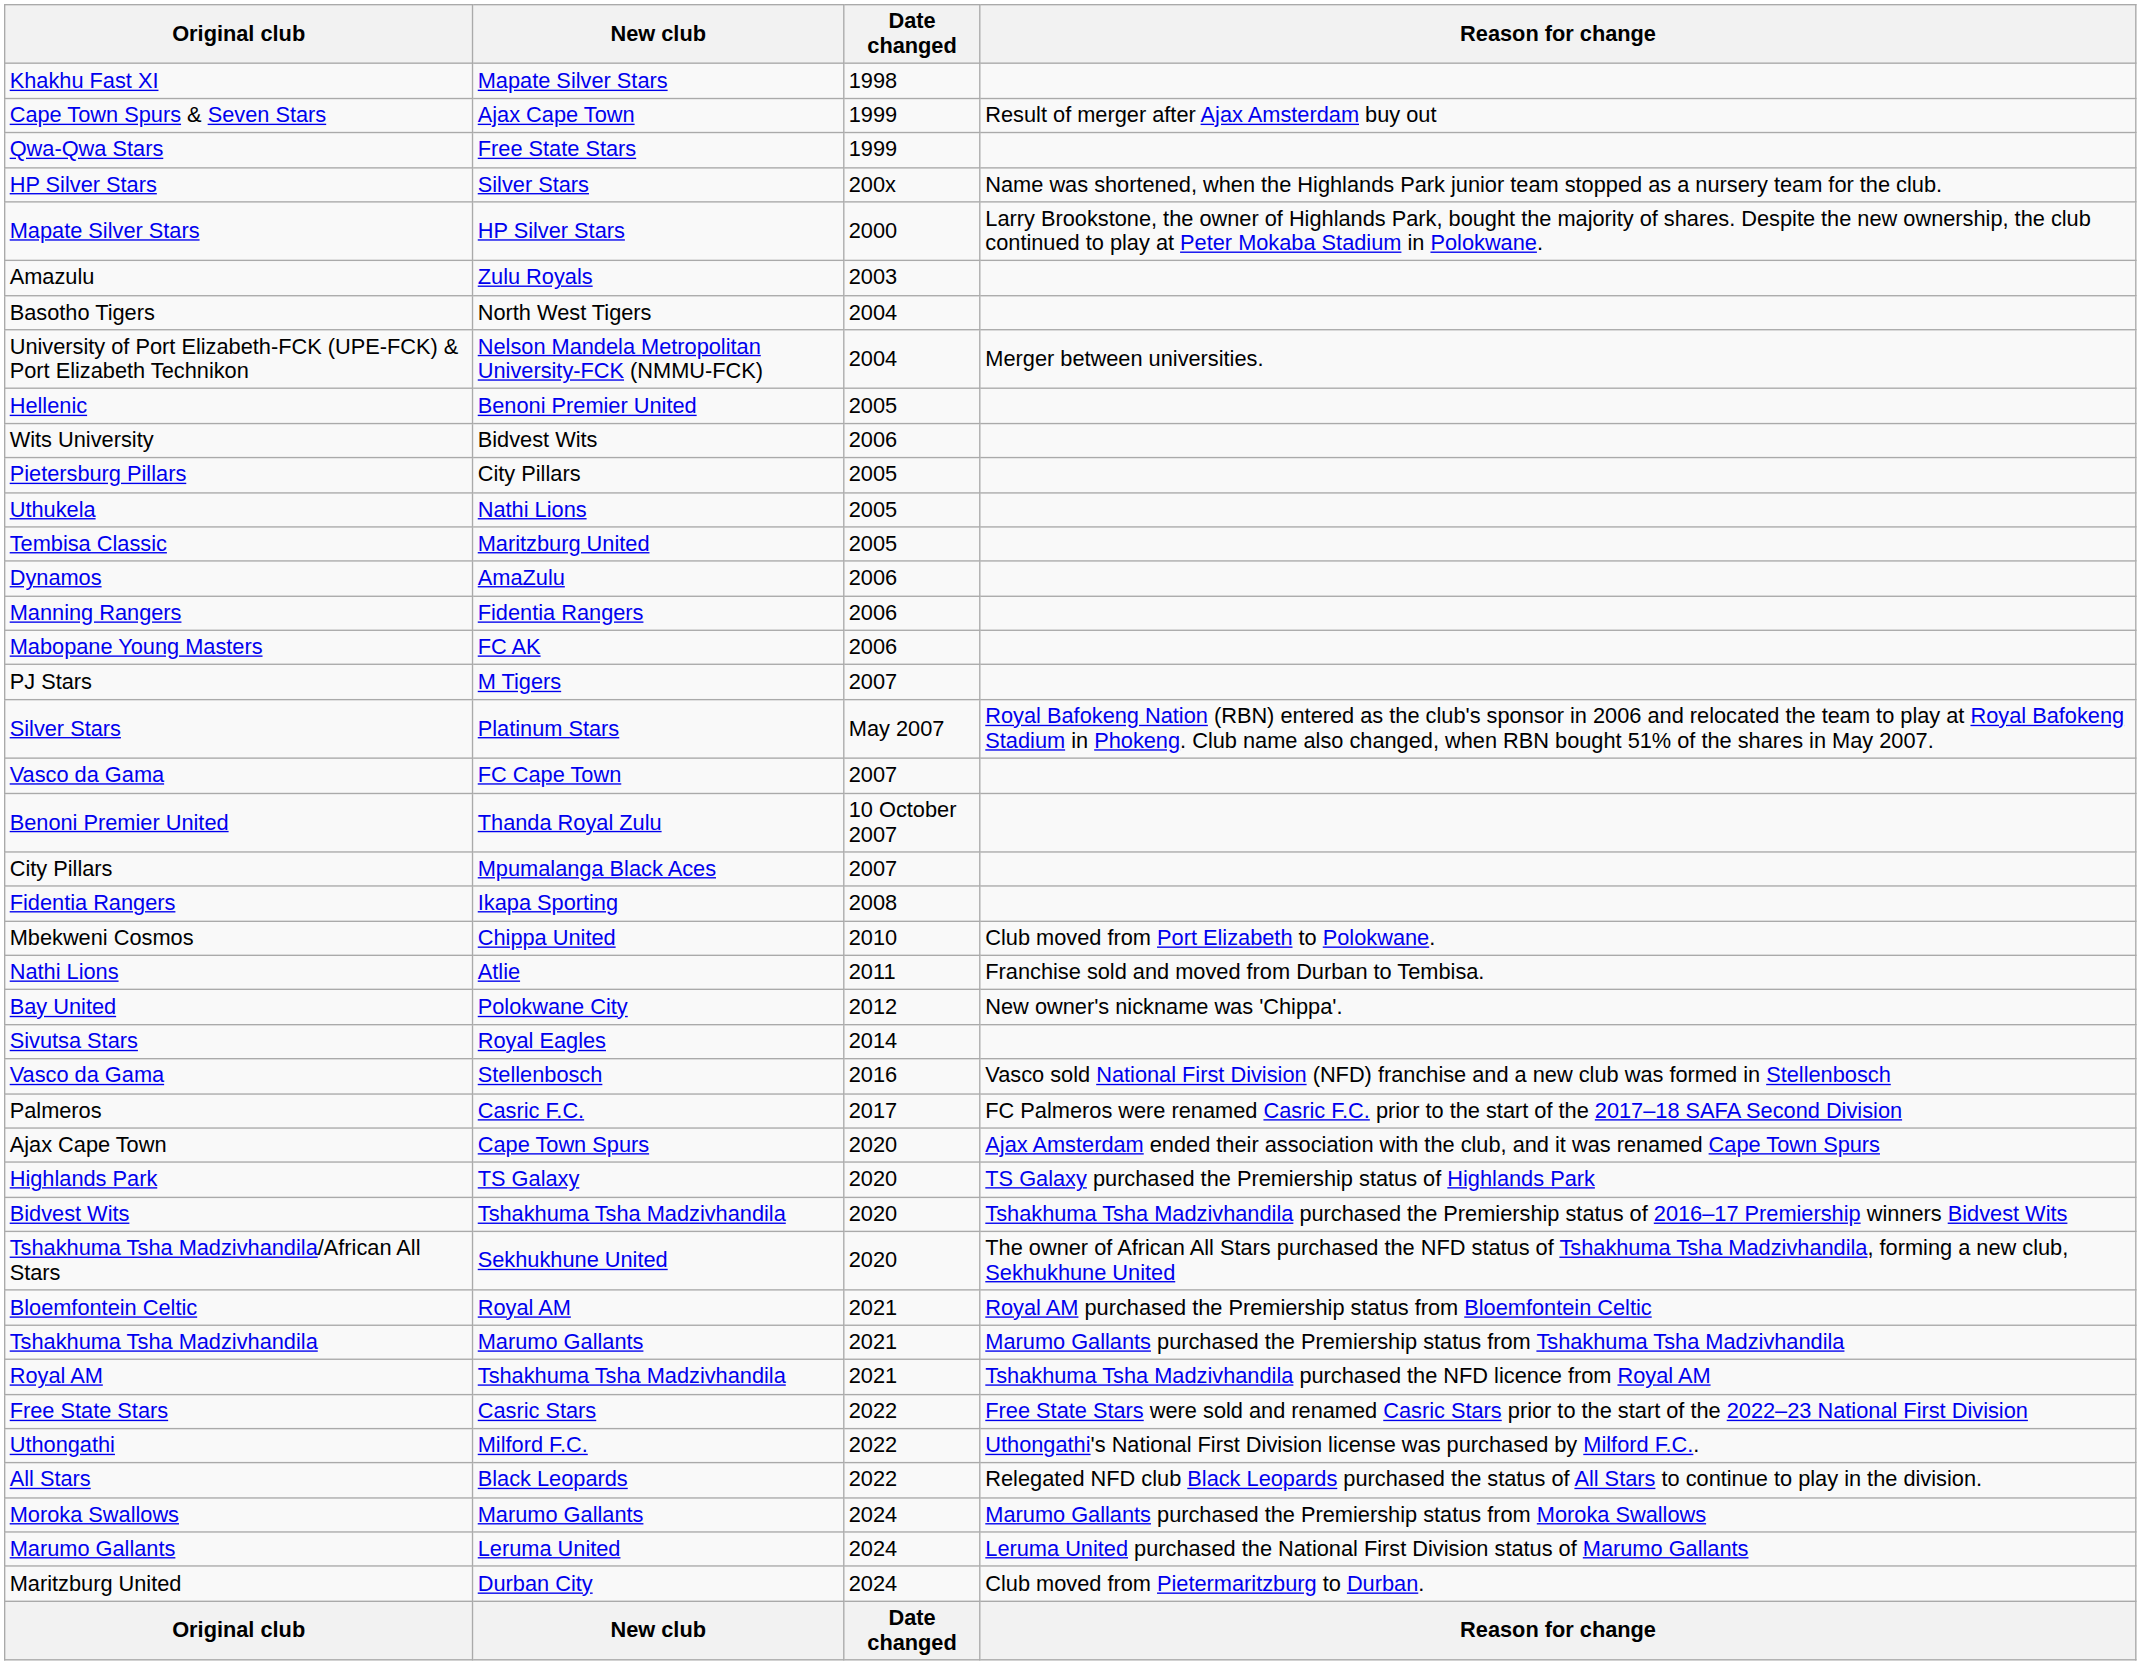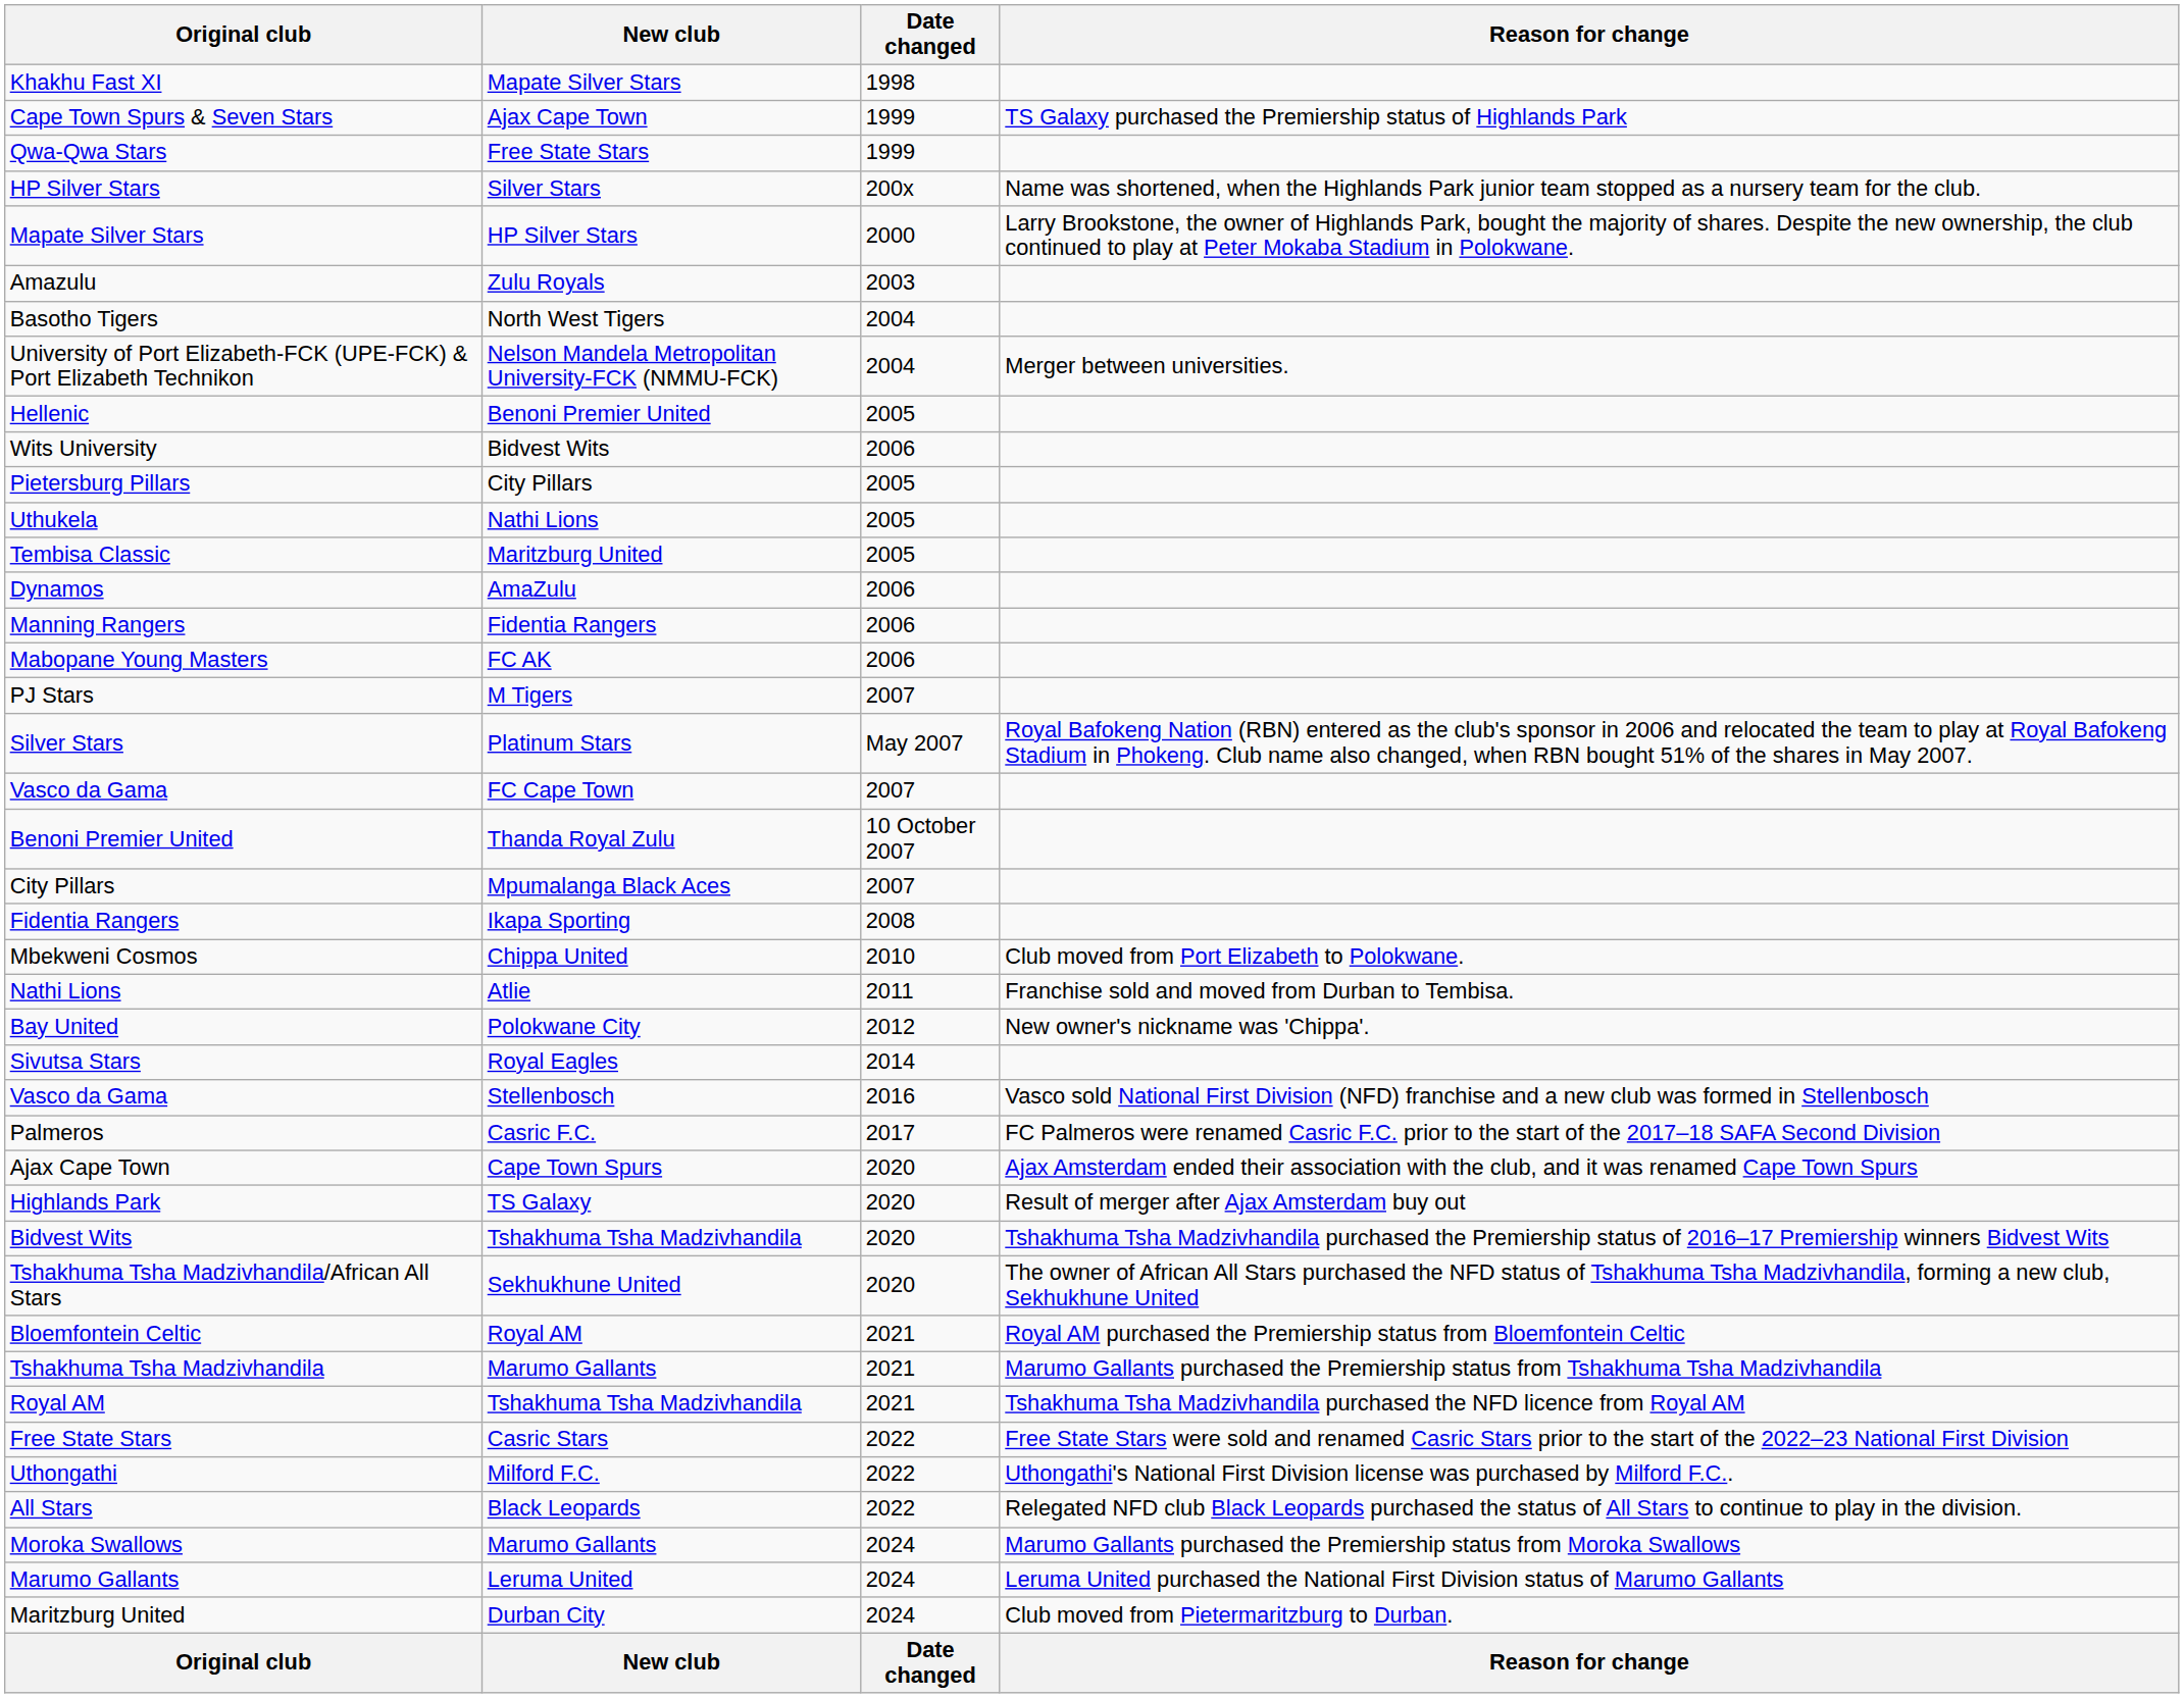 <table class="wikitable">
 <tr>
 <th>Original club</th>
 <th>New club</th>
 <th>Date changed</th>
 <th>Reason for change</th>
 </tr>
 <tr>
 <td><a href='#'>Khakhu Fast XI</a></td>
 <td><a href='#'>Mapate Silver Stars</a></td>
 <td>1998</td>
 <td></td>
 </tr>
 <tr>
 <td><a href='#'>Cape Town Spurs</a> & <a href='#'>Seven Stars</a></td>
 <td><a href='#'>Ajax Cape Town</a></td>
 <td>1999</td>
-<td>Result of merger after <a href='#'>Ajax Amsterdam</a> buy out</td>
+<td><a href='#'>TS Galaxy</a> purchased the Premiership status of <a href='#'>Highlands Park</a></td>
 </tr>
 <tr>
 <td><a href='#'>Qwa-Qwa Stars</a></td>
 <td><a href='#'>Free State Stars</a></td>
 <td>1999</td>
 <td></td>
 </tr>
 <tr>
 <td><a href='#'>HP Silver Stars</a></td>
 <td><a href='#'>Silver Stars</a></td>
 <td>200x</td>
 <td>Name was shortened, when the Highlands Park junior team stopped as a nursery team for the club.</td>
 </tr>
 <tr>
 <td><a href='#'>Mapate Silver Stars</a></td>
 <td><a href='#'>HP Silver Stars</a></td>
 <td>2000</td>
 <td>Larry Brookstone, the owner of Highlands Park, bought the majority of shares. Despite the new ownership, the club continued to play at <a href='#'>Peter Mokaba Stadium</a> in <a href='#'>Polokwane</a>.</td>
 </tr>
 <tr>
 <td>Amazulu</td>
 <td><a href='#'>Zulu Royals</a></td>
 <td>2003</td>
 <td></td>
 </tr>
 <tr>
 <td>Basotho Tigers</td>
 <td>North West Tigers</td>
 <td>2004</td>
 <td></td>
 </tr>
 <tr>
 <td>University of Port Elizabeth-FCK (UPE-FCK) & Port Elizabeth Technikon</td>
 <td><a href='#'>Nelson Mandela Metropolitan University-FCK</a> (NMMU-FCK)</td>
 <td>2004</td>
 <td>Merger between universities.</td>
 </tr>
 <tr>
 <td><a href='#'>Hellenic</a></td>
 <td><a href='#'>Benoni Premier United</a></td>
 <td>2005</td>
 <td></td>
 </tr>
 <tr>
 <td>Wits University</td>
 <td>Bidvest Wits</td>
 <td>2006</td>
 <td></td>
 </tr>
 <tr>
 <td><a href='#'>Pietersburg Pillars</a></td>
 <td>City Pillars</td>
 <td>2005</td>
 <td></td>
 </tr>
 <tr>
 <td><a href='#'>Uthukela</a></td>
 <td><a href='#'>Nathi Lions</a></td>
 <td>2005</td>
 <td></td>
 </tr>
 <tr>
 <td><a href='#'>Tembisa Classic</a></td>
 <td><a href='#'>Maritzburg United</a></td>
 <td>2005</td>
 <td></td>
 </tr>
 <tr>
 <td><a href='#'>Dynamos</a></td>
 <td><a href='#'>AmaZulu</a></td>
 <td>2006</td>
 <td></td>
 </tr>
 <tr>
 <td><a href='#'>Manning Rangers</a></td>
 <td><a href='#'>Fidentia Rangers</a></td>
 <td>2006</td>
 <td></td>
 </tr>
 <tr>
 <td><a href='#'>Mabopane Young Masters</a></td>
 <td><a href='#'>FC AK</a></td>
 <td>2006</td>
 <td></td>
 </tr>
 <tr>
 <td>PJ Stars</td>
 <td><a href='#'>M Tigers</a></td>
 <td>2007</td>
 <td></td>
 </tr>
 <tr>
 <td><a href='#'>Silver Stars</a></td>
 <td><a href='#'>Platinum Stars</a></td>
 <td>May 2007</td>
 <td><a href='#'>Royal Bafokeng Nation</a> (RBN) entered as the club's sponsor in 2006 and relocated the team to play at <a href='#'>Royal Bafokeng Stadium</a> in <a href='#'>Phokeng</a>. Club name also changed, when RBN bought 51% of the shares in May 2007.</td>
 </tr>
 <tr>
 <td><a href='#'>Vasco da Gama</a></td>
 <td><a href='#'>FC Cape Town</a></td>
 <td>2007</td>
 <td></td>
 </tr>
 <tr>
 <td><a href='#'>Benoni Premier United</a></td>
 <td><a href='#'>Thanda Royal Zulu</a></td>
 <td>10 October 2007</td>
 <td></td>
 </tr>
 <tr>
 <td>City Pillars</td>
 <td><a href='#'>Mpumalanga Black Aces</a></td>
 <td>2007</td>
 <td></td>
 </tr>
 <tr>
 <td><a href='#'>Fidentia Rangers</a></td>
 <td><a href='#'>Ikapa Sporting</a></td>
 <td>2008</td>
 <td></td>
 </tr>
 <tr>
 <td>Mbekweni Cosmos</td>
 <td><a href='#'>Chippa United</a></td>
 <td>2010</td>
 <td>Club moved from <a href='#'>Port Elizabeth</a> to <a href='#'>Polokwane</a>.</td>
 </tr>
 <tr>
 <td><a href='#'>Nathi Lions</a></td>
 <td><a href='#'>Atlie</a></td>
 <td>2011</td>
 <td>Franchise sold and moved from Durban to Tembisa.</td>
 </tr>
 <tr>
 <td><a href='#'>Bay United</a></td>
 <td><a href='#'>Polokwane City</a></td>
 <td>2012</td>
 <td>New owner's nickname was 'Chippa'.</td>
 </tr>
 <tr>
 <td><a href='#'>Sivutsa Stars</a></td>
 <td><a href='#'>Royal Eagles</a></td>
 <td>2014</td>
 <td></td>
 </tr>
 <tr>
 <td><a href='#'>Vasco da Gama</a></td>
 <td><a href='#'>Stellenbosch</a></td>
 <td>2016</td>
 <td>Vasco sold <a href='#'>National First Division</a> (NFD) franchise and a new club was formed in <a href='#'>Stellenbosch</a></td>
 </tr>
 <tr>
 <td>Palmeros</td>
 <td><a href='#'>Casric F.C.</a></td>
 <td>2017</td>
 <td>FC Palmeros were renamed <a href='#'>Casric F.C.</a> prior to the start of the <a href='#'>2017–18 SAFA Second Division</a></td>
 </tr>
 <tr>
 <td>Ajax Cape Town</td>
 <td><a href='#'>Cape Town Spurs</a></td>
 <td>2020</td>
 <td><a href='#'>Ajax Amsterdam</a> ended their association with the club, and it was renamed <a href='#'>Cape Town Spurs</a></td>
 </tr>
 <tr>
 <td><a href='#'>Highlands Park</a></td>
 <td><a href='#'>TS Galaxy</a></td>
 <td>2020</td>
-<td><a href='#'>TS Galaxy</a> purchased the Premiership status of <a href='#'>Highlands Park</a></td>
+<td>Result of merger after <a href='#'>Ajax Amsterdam</a> buy out</td>
 </tr>
 <tr>
 <td><a href='#'>Bidvest Wits</a></td>
 <td><a href='#'>Tshakhuma Tsha Madzivhandila</a></td>
 <td>2020</td>
 <td><a href='#'>Tshakhuma Tsha Madzivhandila</a> purchased the Premiership status of <a href='#'>2016–17 Premiership</a> winners <a href='#'>Bidvest Wits</a></td>
 </tr>
 <tr>
 <td><a href='#'>Tshakhuma Tsha Madzivhandila</a>/African All Stars</td>
 <td><a href='#'>Sekhukhune United</a></td>
 <td>2020</td>
 <td>The owner of African All Stars purchased the NFD status of <a href='#'>Tshakhuma Tsha Madzivhandila</a>, forming a new club, <a href='#'>Sekhukhune United</a></td>
 </tr>
 <tr>
 <td><a href='#'>Bloemfontein Celtic</a></td>
 <td><a href='#'>Royal AM</a></td>
 <td>2021</td>
 <td><a href='#'>Royal AM</a> purchased the Premiership status from <a href='#'>Bloemfontein Celtic</a></td>
 </tr>
 <tr>
 <td><a href='#'>Tshakhuma Tsha Madzivhandila</a></td>
 <td><a href='#'>Marumo Gallants</a></td>
 <td>2021</td>
 <td><a href='#'>Marumo Gallants</a> purchased the Premiership status from <a href='#'>Tshakhuma Tsha Madzivhandila</a></td>
 </tr>
 <tr>
 <td><a href='#'>Royal AM</a></td>
 <td><a href='#'>Tshakhuma Tsha Madzivhandila</a></td>
 <td>2021</td>
 <td><a href='#'>Tshakhuma Tsha Madzivhandila</a> purchased the NFD licence from <a href='#'>Royal AM</a></td>
 </tr>
 <tr>
 <td><a href='#'>Free State Stars</a></td>
 <td><a href='#'>Casric Stars</a></td>
 <td>2022</td>
 <td><a href='#'>Free State Stars</a> were sold and renamed <a href='#'>Casric Stars</a> prior to the start of the <a href='#'>2022–23 National First Division</a></td>
 </tr>
 <tr>
 <td><a href='#'>Uthongathi</a></td>
 <td><a href='#'>Milford F.C.</a></td>
 <td>2022</td>
 <td><a href='#'>Uthongathi</a>'s National First Division license was purchased by <a href='#'>Milford F.C.</a>.</td>
 </tr>
 <tr>
 <td><a href='#'>All Stars</a></td>
 <td><a href='#'>Black Leopards</a></td>
 <td>2022</td>
 <td>Relegated NFD club <a href='#'>Black Leopards</a> purchased the status of <a href='#'>All Stars</a> to continue to play in the division.</td>
 </tr>
 <tr>
 <td><a href='#'>Moroka Swallows</a></td>
 <td><a href='#'>Marumo Gallants</a></td>
 <td>2024</td>
 <td><a href='#'>Marumo Gallants</a> purchased the Premiership status from <a href='#'>Moroka Swallows</a></td>
 </tr>
 <tr>
 <td><a href='#'>Marumo Gallants</a></td>
 <td><a href='#'>Leruma United</a></td>
 <td>2024</td>
 <td><a href='#'>Leruma United</a> purchased the National First Division status of <a href='#'>Marumo Gallants</a></td>
 </tr>
 <tr>
 <td>Maritzburg United</td>
 <td><a href='#'>Durban City</a></td>
 <td>2024</td>
 <td>Club moved from <a href='#'>Pietermaritzburg</a> to <a href='#'>Durban</a>.</td>
 </tr>
 <tr>
 <th>Original club</th>
 <th>New club</th>
 <th>Date changed</th>
 <th>Reason for change</th>
 </tr>
 </table>
